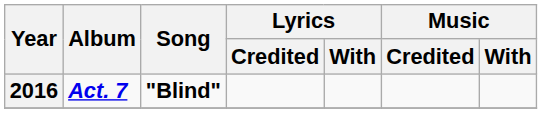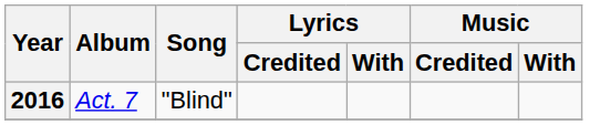 <table class="wikitable plainrowheaders">
 <tr>
 <th rowspan=2>Year</th>
 <th rowspan=2>Album</th>
 <th rowspan=2>Song</th>
 <th colspan="2">Lyrics</th>
 <th colspan="2">Music</th>
 </tr>
 <tr>
 <th>Credited</th>
 <th>With</th>
 <th>Credited</th>
 <th>With</th>
 </tr>
 <tr>
 <th scope="row">2016</th>
-<td><strong><em><a href='#'>Act. 7</a></em></strong></td>
-<td><strong>"Blind"</strong></td>
+<td><em><a href='#'>Act. 7</a></em></td>
+<td>"Blind"</td>
 <td></td>
 <td></td>
 <td></td>
 <td></td>
 </tr>
 <tr>
 </tr>
 </table>
